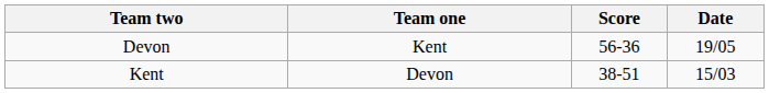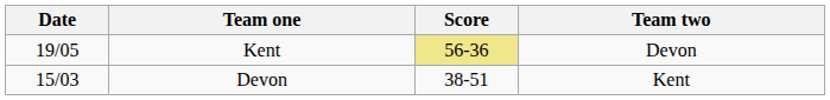 <table class="wikitable" style="text-align: center">
 <tr>
-<th width=250>Team two</th>
+<th width=80>Date</th>
 <th width=250>Team one</th>
 <th width=80>Score</th>
-<th width=80>Date</th>
+<th width=250>Team two</th>
 </tr>
 <tr>
+<td>19/05</td>
+<td>Kent</td>
+<td style="background: khaki;">56-36</td>
 <td>Devon</td>
-<td>Kent</td>
-<td>56-36</td>
-<td>19/05</td>
 </tr>
 <tr>
-<td>Kent</td>
+<td>15/03</td>
 <td>Devon</td>
 <td>38-51</td>
-<td>15/03</td>
+<td>Kent</td>
 </tr>
 </table>
